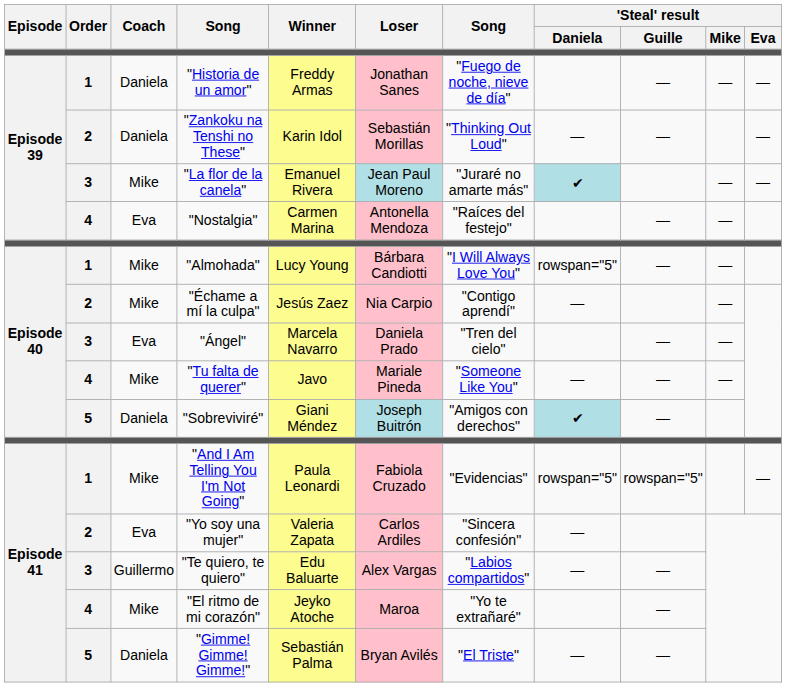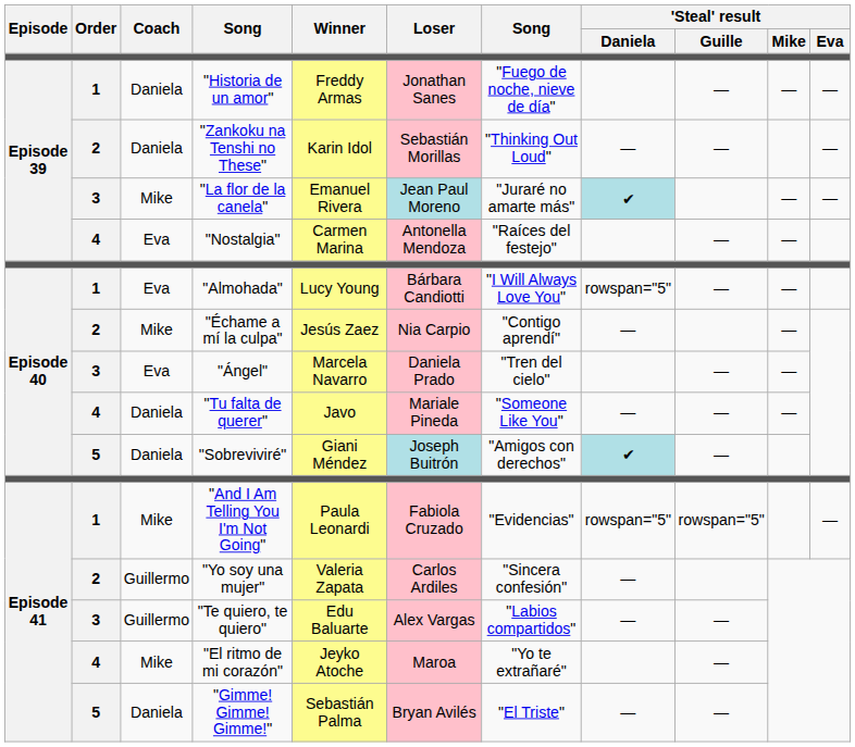 <table class="wikitable" style="text-align: center; width:100%">
 <tr>
 <th rowspan="2" style="width:01%">Episode</th>
 <th rowspan="2" style="width:01%">Order</th>
 <th rowspan="2" style="width:06%">Coach</th>
 <th rowspan="2" style="width:12%">Song</th>
 <th rowspan="2" style="width:12%">Winner</th>
 <th rowspan="2" style="width:12%">Loser</th>
 <th rowspan="2" style="width:12%">Song</th>
 <th colspan="4" style="width:20%">'Steal' result</th>
 </tr>
 <tr>
 <th style="width:05%">Daniela</th>
 <th style="width:05%">Guille</th>
 <th style="width:05%">Mike</th>
 <th style="width:05%">Eva</th>
 </tr>
 <tr>
 <td colspan="11" style="background:#555"></td>
 </tr>
 <tr>
 <th scope="row" rowspan="4">Episode 39<br></th>
 <th>1</th>
 <td>Daniela</td>
 <td>"<a href='#'>Historia de un amor</a>"</td>
 <td style="background:#fdfc8f">Freddy Armas</td>
 <td style="background:pink">Jonathan Sanes</td>
 <td>"<a href='#'>Fuego de noche, nieve de día</a>"</td>
 <td></td>
 <td>—</td>
 <td>—</td>
 <td>—</td>
 </tr>
 <tr>
 <th>2</th>
 <td>Daniela</td>
 <td>"<a href='#'>Zankoku na Tenshi no These</a>"</td>
 <td style="background:#fdfc8f">Karin Idol</td>
 <td style="background:pink">Sebastián Morillas</td>
 <td>"<a href='#'>Thinking Out Loud</a>"</td>
 <td>—</td>
 <td>—</td>
 <td></td>
 <td>—</td>
 </tr>
 <tr>
 <th>3</th>
 <td>Mike</td>
 <td>"<a href='#'>La flor de la canela</a>"</td>
 <td style="background:#fdfc8f">Emanuel Rivera</td>
 <td style="background:#B0E0E6">Jean Paul Moreno</td>
 <td>"Juraré no amarte más"</td>
 <td style="background:#B0E0E6">✔</td>
 <td></td>
 <td>—</td>
 <td>—</td>
 </tr>
 <tr>
 <th>4</th>
 <td>Eva</td>
 <td>"Nostalgia"</td>
 <td style="background:#fdfc8f">Carmen Marina</td>
 <td style="background:pink">Antonella Mendoza</td>
 <td>"Raíces del festejo"</td>
 <td></td>
 <td>—</td>
 <td>—</td>
 <td></td>
 </tr>
 <tr>
 <td colspan="11" style="background:#555"></td>
 </tr>
 <tr>
 <th scope="row" rowspan="5">Episode 40<br></th>
 <th>1</th>
-<td>Mike</td>
+<td>Eva</td>
 <td>"Almohada"</td>
 <td style="background:#fdfc8f">Lucy Young</td>
 <td style="background:pink">Bárbara Candiotti</td>
 <td>"<a href='#'>I Will Always Love You</a>"</td>
 <td>rowspan="5" </td>
 <td>—</td>
 <td>—</td>
 <td></td>
 </tr>
 <tr>
 <th>2</th>
 <td>Mike</td>
 <td>"Échame a mí la culpa"</td>
 <td style="background:#fdfc8f">Jesús Zaez</td>
 <td style="background:pink">Nia Carpio</td>
 <td>"Contigo aprendí"</td>
 <td>—</td>
 <td></td>
 <td>—</td>
 </tr>
 <tr>
 <th>3</th>
 <td>Eva</td>
 <td>"Ángel"</td>
 <td style="background:#fdfc8f">Marcela Navarro</td>
 <td style="background:pink">Daniela Prado</td>
 <td>"Tren del cielo"</td>
 <td></td>
 <td>—</td>
 <td>—</td>
 </tr>
 <tr>
 <th>4</th>
-<td>Mike</td>
+<td>Daniela</td>
 <td>"<a href='#'>Tu falta de querer</a>"</td>
 <td style="background:#fdfc8f">Javo</td>
 <td style="background:pink">Mariale Pineda</td>
 <td>"<a href='#'>Someone Like You</a>"</td>
 <td>—</td>
 <td>—</td>
 <td>—</td>
 </tr>
 <tr>
 <th>5</th>
 <td>Daniela</td>
 <td>"Sobreviviré"</td>
 <td style="background:#fdfc8f">Giani Méndez</td>
 <td style="background:#b0e0e6">Joseph Buitrón</td>
 <td>"Amigos con derechos"</td>
 <td style="background:#b0e0e6">✔</td>
 <td>—</td>
 <td></td>
 </tr>
 <tr>
 <td colspan="11" style="background:#555"></td>
 </tr>
 <tr>
 <th scope="row" rowspan="5">Episode 41<br></th>
 <th>1</th>
 <td>Mike</td>
 <td>"<a href='#'>And I Am Telling You I'm Not Going</a>"</td>
 <td style="background:#fdfc8f">Paula Leonardi</td>
 <td style="background:pink">Fabiola Cruzado</td>
 <td>"Evidencias"</td>
 <td>rowspan="5" </td>
 <td>rowspan="5" </td>
 <td></td>
 <td>—</td>
 </tr>
 <tr>
 <th>2</th>
-<td>Eva</td>
+<td>Guillermo</td>
 <td>"Yo soy una mujer"</td>
 <td style="background:#fdfc8f">Valeria Zapata</td>
 <td style="background:pink">Carlos Ardiles</td>
 <td>"Sincera confesión"</td>
 <td>—</td>
 <td></td>
 </tr>
 <tr>
 <th>3</th>
 <td>Guillermo</td>
 <td>"Te quiero, te quiero"</td>
 <td style="background:#fdfc8f">Edu Baluarte</td>
 <td style="background:pink">Alex Vargas</td>
 <td>"<a href='#'>Labios compartidos</a>"</td>
 <td>—</td>
 <td>—</td>
 </tr>
 <tr>
 <th>4</th>
 <td>Mike</td>
 <td>"El ritmo de mi corazón"</td>
 <td style="background:#fdfc8f">Jeyko Atoche</td>
 <td style="background:pink">Maroa</td>
 <td>"Yo te extrañaré"</td>
 <td></td>
 <td>—</td>
 </tr>
 <tr>
 <th>5</th>
 <td>Daniela</td>
 <td>"<a href='#'>Gimme! Gimme! Gimme!</a>"</td>
 <td style="background:#fdfc8f">Sebastián Palma</td>
 <td style="background:pink">Bryan Avilés</td>
 <td>"<a href='#'>El Triste</a>"</td>
 <td>—</td>
 <td>—</td>
 </tr>
 </table>
